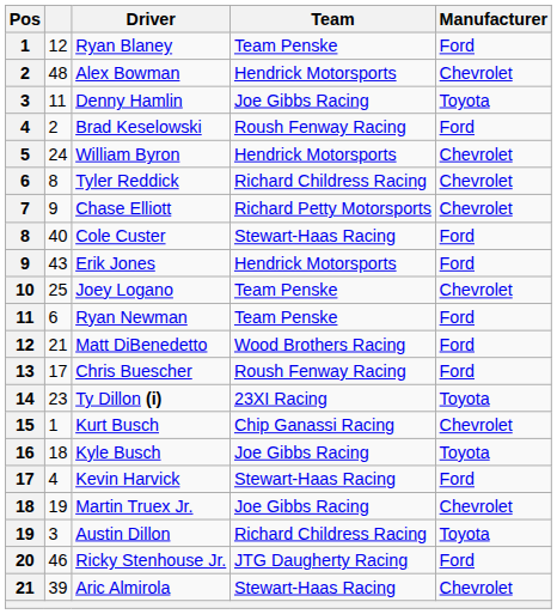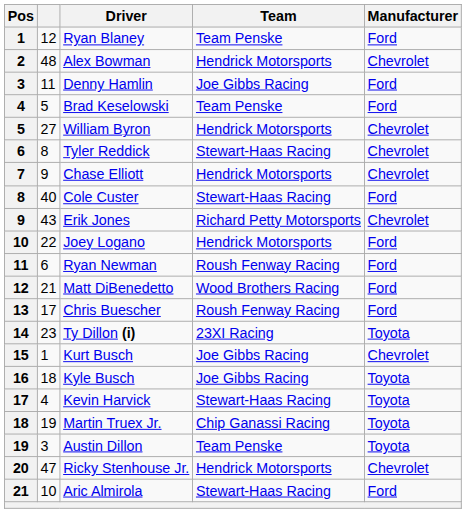 <table class="wikitable" style="font-size:95%">
 <tr>
 <th>Pos</th>
 <th></th>
 <th>Driver</th>
 <th>Team</th>
 <th>Manufacturer</th>
 </tr>
 <tr>
 <th>1</th>
 <td>12</td>
 <td><a href='#'>Ryan Blaney</a></td>
 <td><a href='#'>Team Penske</a></td>
 <td><a href='#'>Ford</a></td>
 </tr>
 <tr>
 <th>2</th>
 <td>48</td>
 <td><a href='#'>Alex Bowman</a></td>
 <td><a href='#'>Hendrick Motorsports</a></td>
 <td><a href='#'>Chevrolet</a></td>
 </tr>
 <tr>
 <th>3</th>
 <td>11</td>
 <td><a href='#'>Denny Hamlin</a></td>
 <td><a href='#'>Joe Gibbs Racing</a></td>
-<td><a href='#'>Toyota</a></td>
+<td><a href='#'>Ford</a></td>
 </tr>
 <tr>
 <th>4</th>
-<td>2</td>
+<td>5</td>
 <td><a href='#'>Brad Keselowski</a></td>
-<td><a href='#'>Roush Fenway Racing</a></td>
+<td><a href='#'>Team Penske</a></td>
 <td><a href='#'>Ford</a></td>
 </tr>
 <tr>
 <th>5</th>
-<td>24</td>
+<td>27</td>
 <td><a href='#'>William Byron</a></td>
 <td><a href='#'>Hendrick Motorsports</a></td>
 <td><a href='#'>Chevrolet</a></td>
 </tr>
 <tr>
 <th>6</th>
 <td>8</td>
 <td><a href='#'>Tyler Reddick</a></td>
-<td><a href='#'>Richard Childress Racing</a></td>
+<td><a href='#'>Stewart-Haas Racing</a></td>
 <td><a href='#'>Chevrolet</a></td>
 </tr>
 <tr>
 <th>7</th>
 <td>9</td>
 <td><a href='#'>Chase Elliott</a></td>
-<td><a href='#'>Richard Petty Motorsports</a></td>
+<td><a href='#'>Hendrick Motorsports</a></td>
 <td><a href='#'>Chevrolet</a></td>
 </tr>
 <tr>
 <th>8</th>
 <td>40</td>
 <td><a href='#'>Cole Custer</a></td>
 <td><a href='#'>Stewart-Haas Racing</a></td>
 <td><a href='#'>Ford</a></td>
 </tr>
 <tr>
 <th>9</th>
 <td>43</td>
 <td><a href='#'>Erik Jones</a></td>
-<td><a href='#'>Hendrick Motorsports</a></td>
-<td><a href='#'>Ford</a></td>
+<td><a href='#'>Richard Petty Motorsports</a></td>
+<td><a href='#'>Chevrolet</a></td>
 </tr>
 <tr>
 <th>10</th>
-<td>25</td>
+<td>22</td>
 <td><a href='#'>Joey Logano</a></td>
-<td><a href='#'>Team Penske</a></td>
-<td><a href='#'>Chevrolet</a></td>
+<td><a href='#'>Hendrick Motorsports</a></td>
+<td><a href='#'>Ford</a></td>
 </tr>
 <tr>
 <th>11</th>
 <td>6</td>
 <td><a href='#'>Ryan Newman</a></td>
-<td><a href='#'>Team Penske</a></td>
+<td><a href='#'>Roush Fenway Racing</a></td>
 <td><a href='#'>Ford</a></td>
 </tr>
 <tr>
 <th>12</th>
 <td>21</td>
 <td><a href='#'>Matt DiBenedetto</a></td>
 <td><a href='#'>Wood Brothers Racing</a></td>
 <td><a href='#'>Ford</a></td>
 </tr>
 <tr>
 <th>13</th>
 <td>17</td>
 <td><a href='#'>Chris Buescher</a></td>
 <td><a href='#'>Roush Fenway Racing</a></td>
 <td><a href='#'>Ford</a></td>
 </tr>
 <tr>
 <th>14</th>
 <td>23</td>
 <td><a href='#'>Ty Dillon</a> <strong>(i)</strong></td>
 <td><a href='#'>23XI Racing</a></td>
 <td><a href='#'>Toyota</a></td>
 </tr>
 <tr>
 <th>15</th>
 <td>1</td>
 <td><a href='#'>Kurt Busch</a></td>
-<td><a href='#'>Chip Ganassi Racing</a></td>
+<td><a href='#'>Joe Gibbs Racing</a></td>
 <td><a href='#'>Chevrolet</a></td>
 </tr>
 <tr>
 <th>16</th>
 <td>18</td>
 <td><a href='#'>Kyle Busch</a></td>
 <td><a href='#'>Joe Gibbs Racing</a></td>
 <td><a href='#'>Toyota</a></td>
 </tr>
 <tr>
 <th>17</th>
 <td>4</td>
 <td><a href='#'>Kevin Harvick</a></td>
 <td><a href='#'>Stewart-Haas Racing</a></td>
-<td><a href='#'>Ford</a></td>
+<td><a href='#'>Toyota</a></td>
 </tr>
 <tr>
 <th>18</th>
 <td>19</td>
 <td><a href='#'>Martin Truex Jr.</a></td>
-<td><a href='#'>Joe Gibbs Racing</a></td>
-<td><a href='#'>Chevrolet</a></td>
+<td><a href='#'>Chip Ganassi Racing</a></td>
+<td><a href='#'>Toyota</a></td>
 </tr>
 <tr>
 <th>19</th>
 <td>3</td>
 <td><a href='#'>Austin Dillon</a></td>
-<td><a href='#'>Richard Childress Racing</a></td>
+<td><a href='#'>Team Penske</a></td>
 <td><a href='#'>Toyota</a></td>
 </tr>
 <tr>
 <th>20</th>
-<td>46</td>
+<td>47</td>
 <td><a href='#'>Ricky Stenhouse Jr.</a></td>
-<td><a href='#'>JTG Daugherty Racing</a></td>
-<td><a href='#'>Ford</a></td>
+<td><a href='#'>Hendrick Motorsports</a></td>
+<td><a href='#'>Chevrolet</a></td>
 </tr>
 <tr>
 <th>21</th>
-<td>39</td>
+<td>10</td>
 <td><a href='#'>Aric Almirola</a></td>
 <td><a href='#'>Stewart-Haas Racing</a></td>
-<td><a href='#'>Chevrolet</a></td>
+<td><a href='#'>Ford</a></td>
 </tr>
 <tr>
 <th colspan="7"></th>
 </tr>
 </table>
